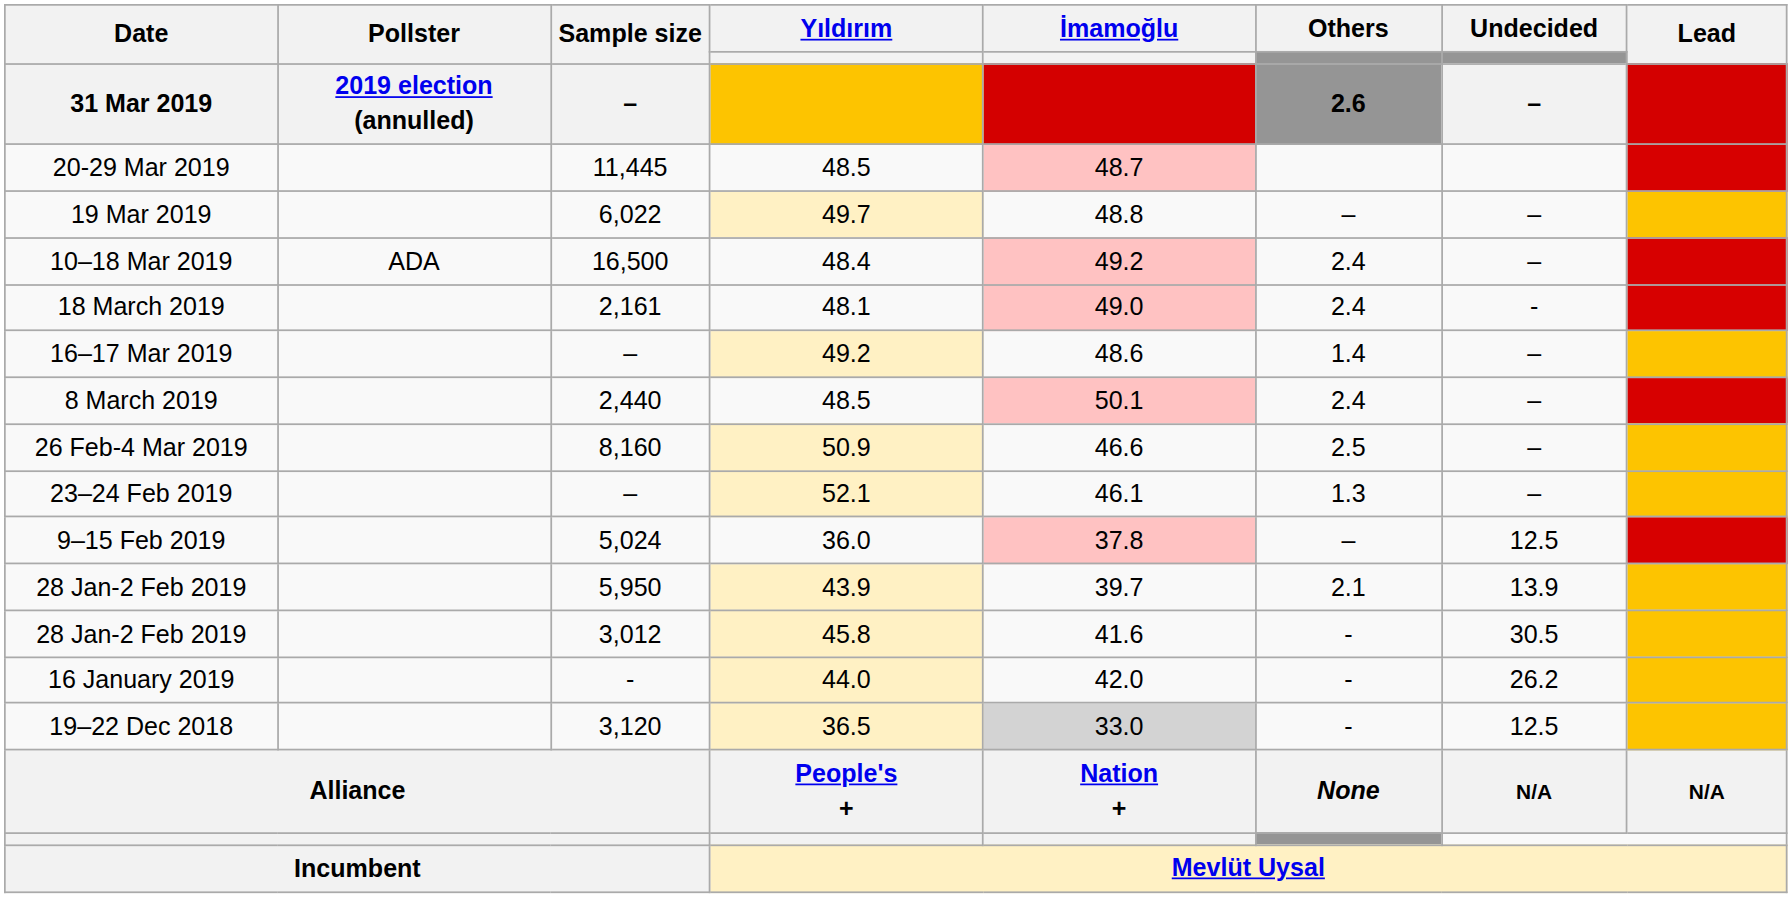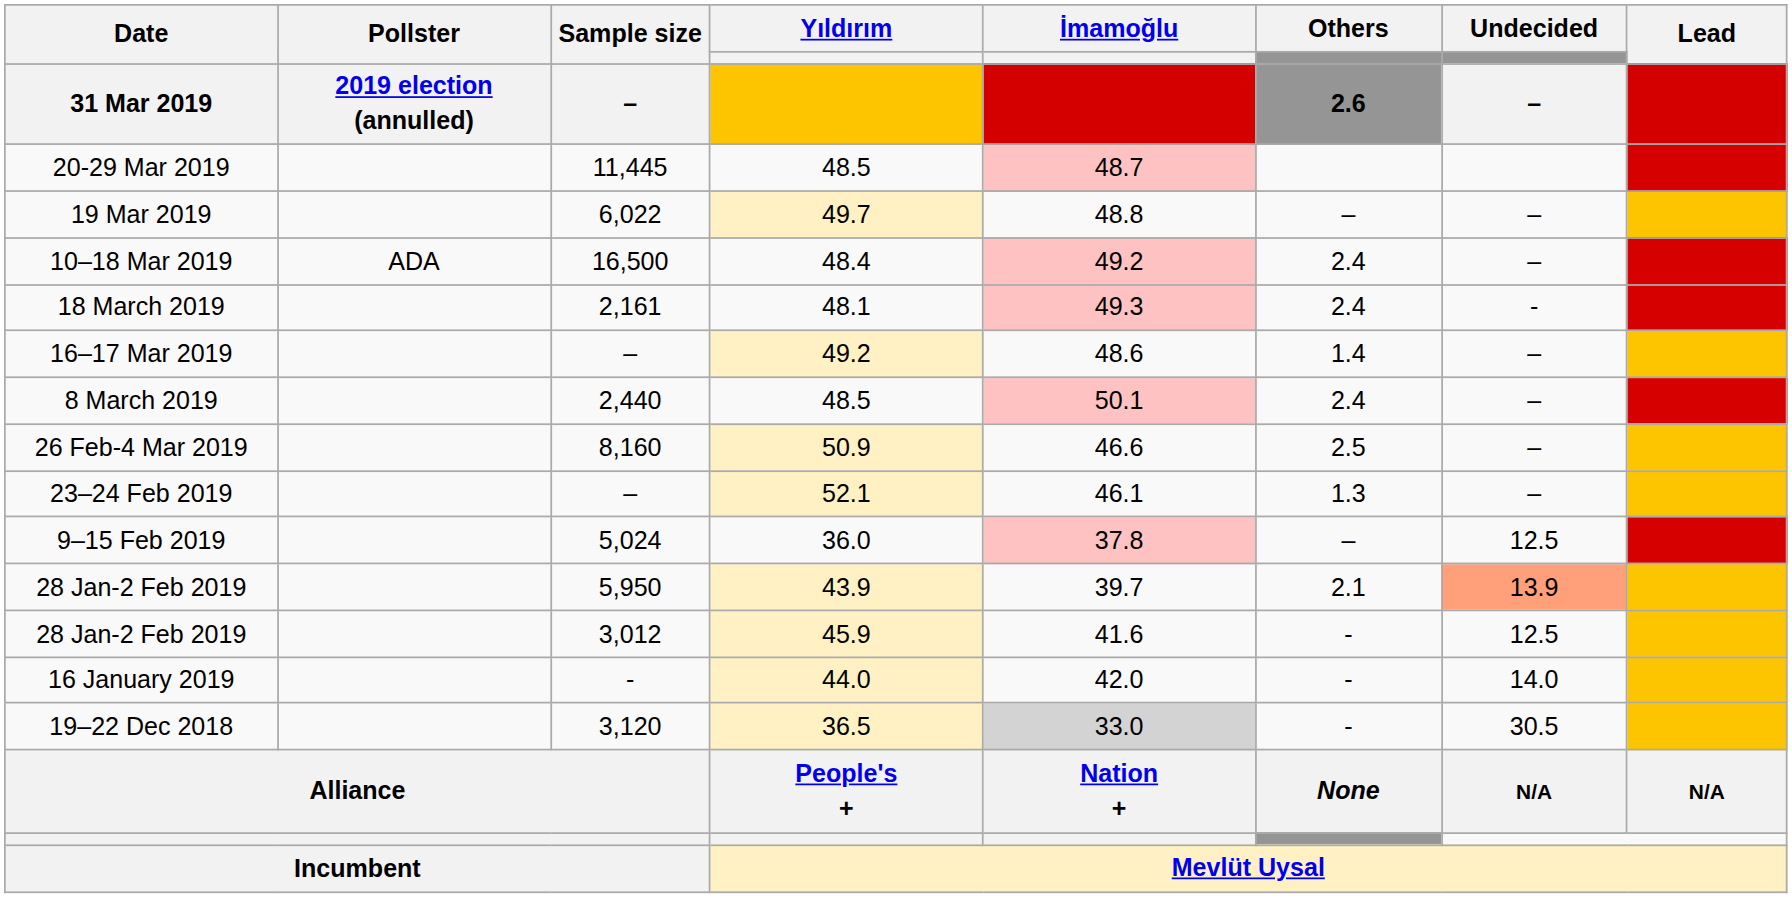 <table class="wikitable" style="text-align:center; font-size:90%; line-height:20px;">
 <tr>
 <th rowspan=2 width="150px">Date</th>
 <th rowspan=2 width="150px">Pollster</th>
 <th rowspan=2 width="85px">Sample size</th>
 <th width=150><a href='#'>Yıldırım</a></th>
 <th width=150><a href='#'>İmamoğlu</a></th>
 <th width=100>Others</th>
 <th width=100>Undecided</th>
 <th width=85 rowspan=2>Lead</th>
 </tr>
 <tr>
 <th style="background: "></th>
 <th style="background: "></th>
 <th style="background: #959595"></th>
 <th style="background: #959595"></th>
 </tr>
 <tr>
 <th>31 Mar 2019</th>
 <th><a href='#'>2019 election</a> (annulled)</th>
 <th>–</th>
 <th style="background: #Fdc400"></th>
 <th style="background: #d40000"></th>
 <th style="background: #959595">2.6</th>
 <th>–</th>
 <th style="background: #d40000"></th>
 </tr>
 <tr>
 <td>20-29 Mar 2019</td>
 <td></td>
 <td>11,445</td>
 <td>48.5</td>
 <td style="background: #FFC2C2">48.7</td>
 <td></td>
 <td></td>
 <td style="background: #d70000"></td>
 </tr>
 <tr>
 <td>19 Mar 2019</td>
 <td></td>
 <td>6,022</td>
 <td style="background: #FFF1C4">49.7</td>
 <td>48.8</td>
 <td>–</td>
 <td>–</td>
 <td style="background: #fdc400"></td>
 </tr>
 <tr>
 <td>10–18 Mar 2019</td>
 <td>ADA</td>
 <td>16,500</td>
 <td>48.4</td>
 <td style="background: #FFC2C2">49.2</td>
 <td>2.4</td>
 <td>–</td>
 <td style="background: #d70000"></td>
 </tr>
 <tr>
 <td>18 March 2019</td>
 <td></td>
 <td>2,161</td>
 <td>48.1</td>
-<td style="background: #FFC2C2">49.0</td>
+<td style="background: #FFC2C2">49.3</td>
 <td>2.4</td>
 <td>-</td>
 <td style="background: #d70000"></td>
 </tr>
 <tr>
 <td>16–17 Mar 2019</td>
 <td></td>
 <td>–</td>
 <td style="background: #FFF1C4">49.2</td>
 <td>48.6</td>
 <td>1.4</td>
 <td>–</td>
 <td style="background: #fdc400"></td>
 </tr>
 <tr>
 <td>8 March 2019</td>
 <td></td>
 <td>2,440</td>
 <td>48.5</td>
 <td style="background: #FFC2C2">50.1</td>
 <td>2.4</td>
 <td>–</td>
 <td style="background: #d70000"></td>
 </tr>
 <tr>
 <td>26 Feb-4 Mar 2019</td>
 <td></td>
 <td>8,160</td>
 <td style="background: #FFF1C4">50.9</td>
 <td>46.6</td>
 <td>2.5</td>
 <td>–</td>
 <td style="background: #fdc400"></td>
 </tr>
 <tr>
 <td>23–24 Feb 2019</td>
 <td></td>
 <td>–</td>
 <td style="background: #FFF1C4">52.1</td>
 <td>46.1</td>
 <td>1.3</td>
 <td>–</td>
 <td style="background: #fdc400"></td>
 </tr>
 <tr>
 <td>9–15 Feb 2019</td>
 <td></td>
 <td>5,024</td>
 <td>36.0</td>
 <td style="background: #FFC2C2">37.8</td>
 <td>–</td>
 <td>12.5</td>
 <td style="background: #d70000"></td>
 </tr>
 <tr>
 <td>28 Jan-2 Feb 2019</td>
 <td></td>
 <td>5,950</td>
 <td style="background: #FFF1C4">43.9</td>
 <td>39.7</td>
 <td>2.1</td>
-<td>13.9</td>
+<td style="background: lightsalmon;">13.9</td>
 <td style="background: #fdc400"></td>
 </tr>
 <tr>
 <td>28 Jan-2 Feb 2019</td>
 <td></td>
 <td>3,012</td>
-<td style="background: #FFF1C4">45.8</td>
+<td style="background: #FFF1C4">45.9</td>
 <td>41.6</td>
 <td>-</td>
-<td>30.5</td>
+<td>12.5</td>
 <td style="background: #fdc400"></td>
 </tr>
 <tr>
 <td>16 January 2019</td>
 <td></td>
 <td>-</td>
 <td style="background: #FFF1C4">44.0</td>
 <td>42.0</td>
 <td>-</td>
-<td>26.2</td>
+<td>14.0</td>
 <td style="background: #fdc400"></td>
 </tr>
 <tr>
 <td>19–22 Dec 2018</td>
 <td></td>
 <td>3,120</td>
 <td style="background: #FFF1C4">36.5</td>
 <td style="background: lightgrey;">33.0</td>
 <td>-</td>
-<td>12.5</td>
+<td>30.5</td>
 <td style="background: #fdc400"></td>
 </tr>
 <tr>
 <th colspan=3>Alliance</th>
 <th width=150><a href='#'>People's</a><br><small></small> + <small></small></th>
 <th width=150><a href='#'>Nation</a><br><small></small> + <small></small></th>
 <th width=100><em>None</em></th>
 <th width=100><small>N/A</small></th>
 <th width=85><small>N/A</small></th>
 </tr>
 <tr>
 <th colspan=3></th>
 <th style="background: "></th>
 <th style="background: "></th>
 <th style="background: #959595"></th>
 </tr>
 <tr>
 <th colspan=3>Incumbent</th>
 <th style="background: #FFF1C4" colspan=5><a href='#'>Mevlüt Uysal</a> <small></small></th>
 </tr>
 </table>
